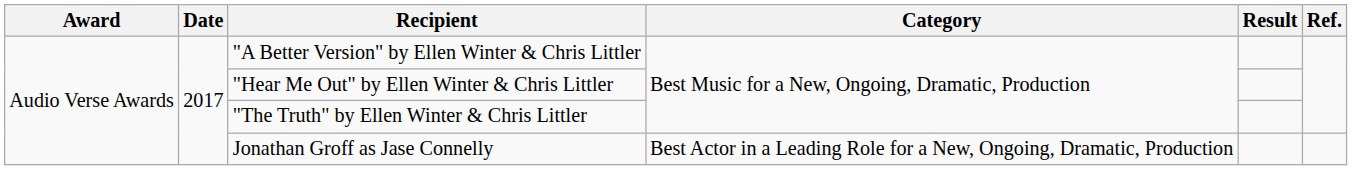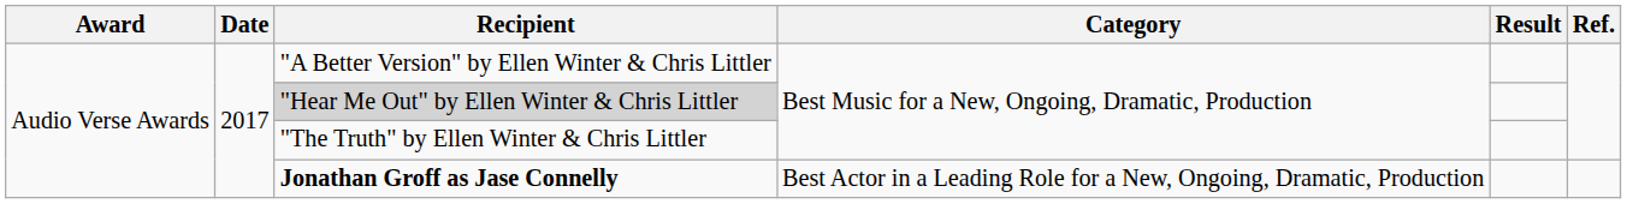 <table class="wikitable sortable">
 <tr>
 <th>Award</th>
 <th>Date</th>
 <th>Recipient</th>
 <th>Category</th>
 <th>Result</th>
 <th>Ref.</th>
 </tr>
 <tr>
 <td rowspan="4">Audio Verse Awards</td>
 <td rowspan="4">2017</td>
 <td>"A Better Version" by Ellen Winter & Chris Littler</td>
 <td rowspan="3">Best Music for a New, Ongoing, Dramatic, Production</td>
 <td></td>
 <td rowspan="3"></td>
 </tr>
 <tr>
-<td>"Hear Me Out" by Ellen Winter & Chris Littler</td>
+<td style="background: lightgrey;">"Hear Me Out" by Ellen Winter & Chris Littler</td>
 <td></td>
 </tr>
 <tr>
 <td>"The Truth" by Ellen Winter & Chris Littler</td>
 <td></td>
 </tr>
 <tr>
-<td>Jonathan Groff as Jase Connelly</td>
+<td><strong>Jonathan Groff as Jase Connelly</strong></td>
 <td>Best Actor in a Leading Role for a New, Ongoing, Dramatic, Production</td>
 <td></td>
 <td></td>
 </tr>
 </table>
